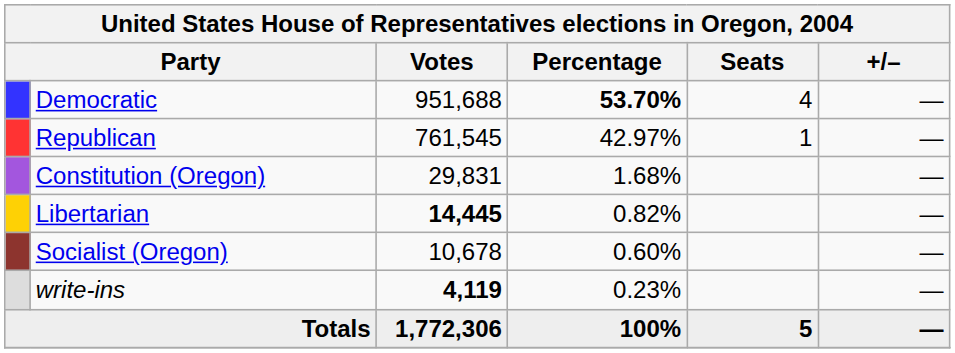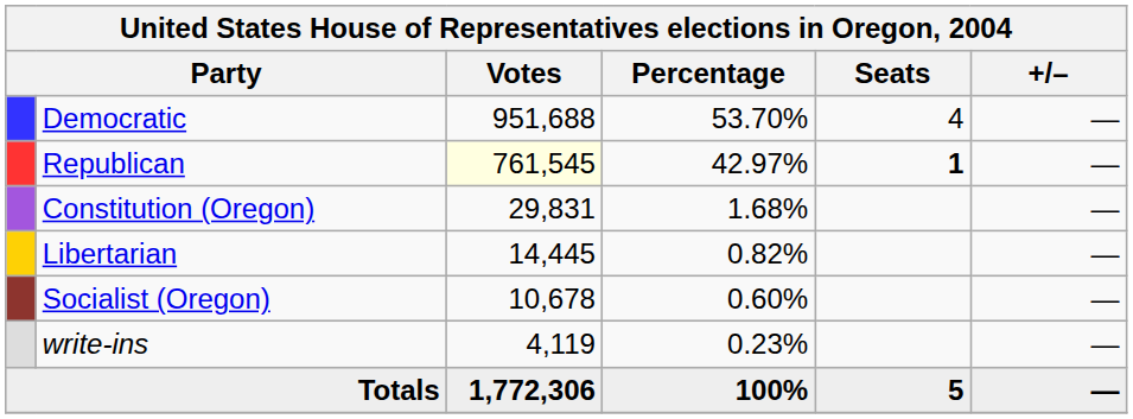 <table class="wikitable" style="font-size: 95%;">
 <tr>
 <th colspan="6">United States House of Representatives elections in Oregon, 2004</th>
 </tr>
 <tr>
 <th colspan=2 style="width: 15em">Party</th>
 <th style="width: 5em">Votes</th>
 <th style="width: 7em">Percentage</th>
 <th style="width: 5em">Seats</th>
 <th style="width: 5em">+/–</th>
 </tr>
 <tr>
 <th style="background-color:#3333FF; width: 3px"></th>
 <td style="width: 130px"><a href='#'>Democratic</a></td>
 <td align="right">951,688</td>
-<td align="right"><strong>53.70%</strong></td>
+<td align="right">53.70%</td>
 <td align="right">4</td>
 <td align="right">—</td>
 </tr>
 <tr>
 <th style="background-color:#FF3333; width: 3px"></th>
 <td style="width: 130px"><a href='#'>Republican</a></td>
-<td align="right">761,545</td>
+<td align="right" style="background: lightyellow;">761,545</td>
 <td align="right">42.97%</td>
-<td align="right">1</td>
+<td align="right"><strong>1</strong></td>
 <td align="right">—</td>
 </tr>
 <tr>
 <th style="background-color:#A356DE; width: 3px"></th>
 <td style="width: 130px"><a href='#'>Constitution (Oregon)</a></td>
 <td align="right">29,831</td>
 <td align="right">1.68%</td>
 <td align="right"></td>
 <td align="right">—</td>
 </tr>
 <tr>
 <th style="background-color:#FED105; width: 3px"></th>
 <td style="width: 130px"><a href='#'>Libertarian</a></td>
-<td align="right"><strong>14,445</strong></td>
+<td align="right">14,445</td>
 <td align="right">0.82%</td>
 <td align="right"></td>
 <td align="right">—</td>
 </tr>
 <tr>
 <th style="background-color:#8D342E; width: 3px"></th>
 <td style="width: 130px"><a href='#'>Socialist (Oregon)</a></td>
 <td align="right">10,678</td>
 <td align="right">0.60%</td>
 <td align="right"></td>
 <td align="right">—</td>
 </tr>
 <tr>
 <th style="background-color:#DDDDDD; width: 3px"></th>
 <td style="width: 130px"><em>write-ins</em></td>
-<td align="right"><strong>4,119</strong></td>
+<td align="right">4,119</td>
 <td align="right">0.23%</td>
 <td align="right"></td>
 <td align="right">—</td>
 </tr>
 <tr bgcolor="#EEEEEE">
 <td colspan="2" align="right"><strong>Totals</strong></td>
 <td align="right"><strong>1,772,306</strong></td>
 <td align="right"><strong>100%</strong></td>
 <td align="right"><strong>5</strong></td>
 <td align="right"><strong>—</strong></td>
 </tr>
 <tr bgcolor="#EEEEEE">
 </tr>
 </table>
